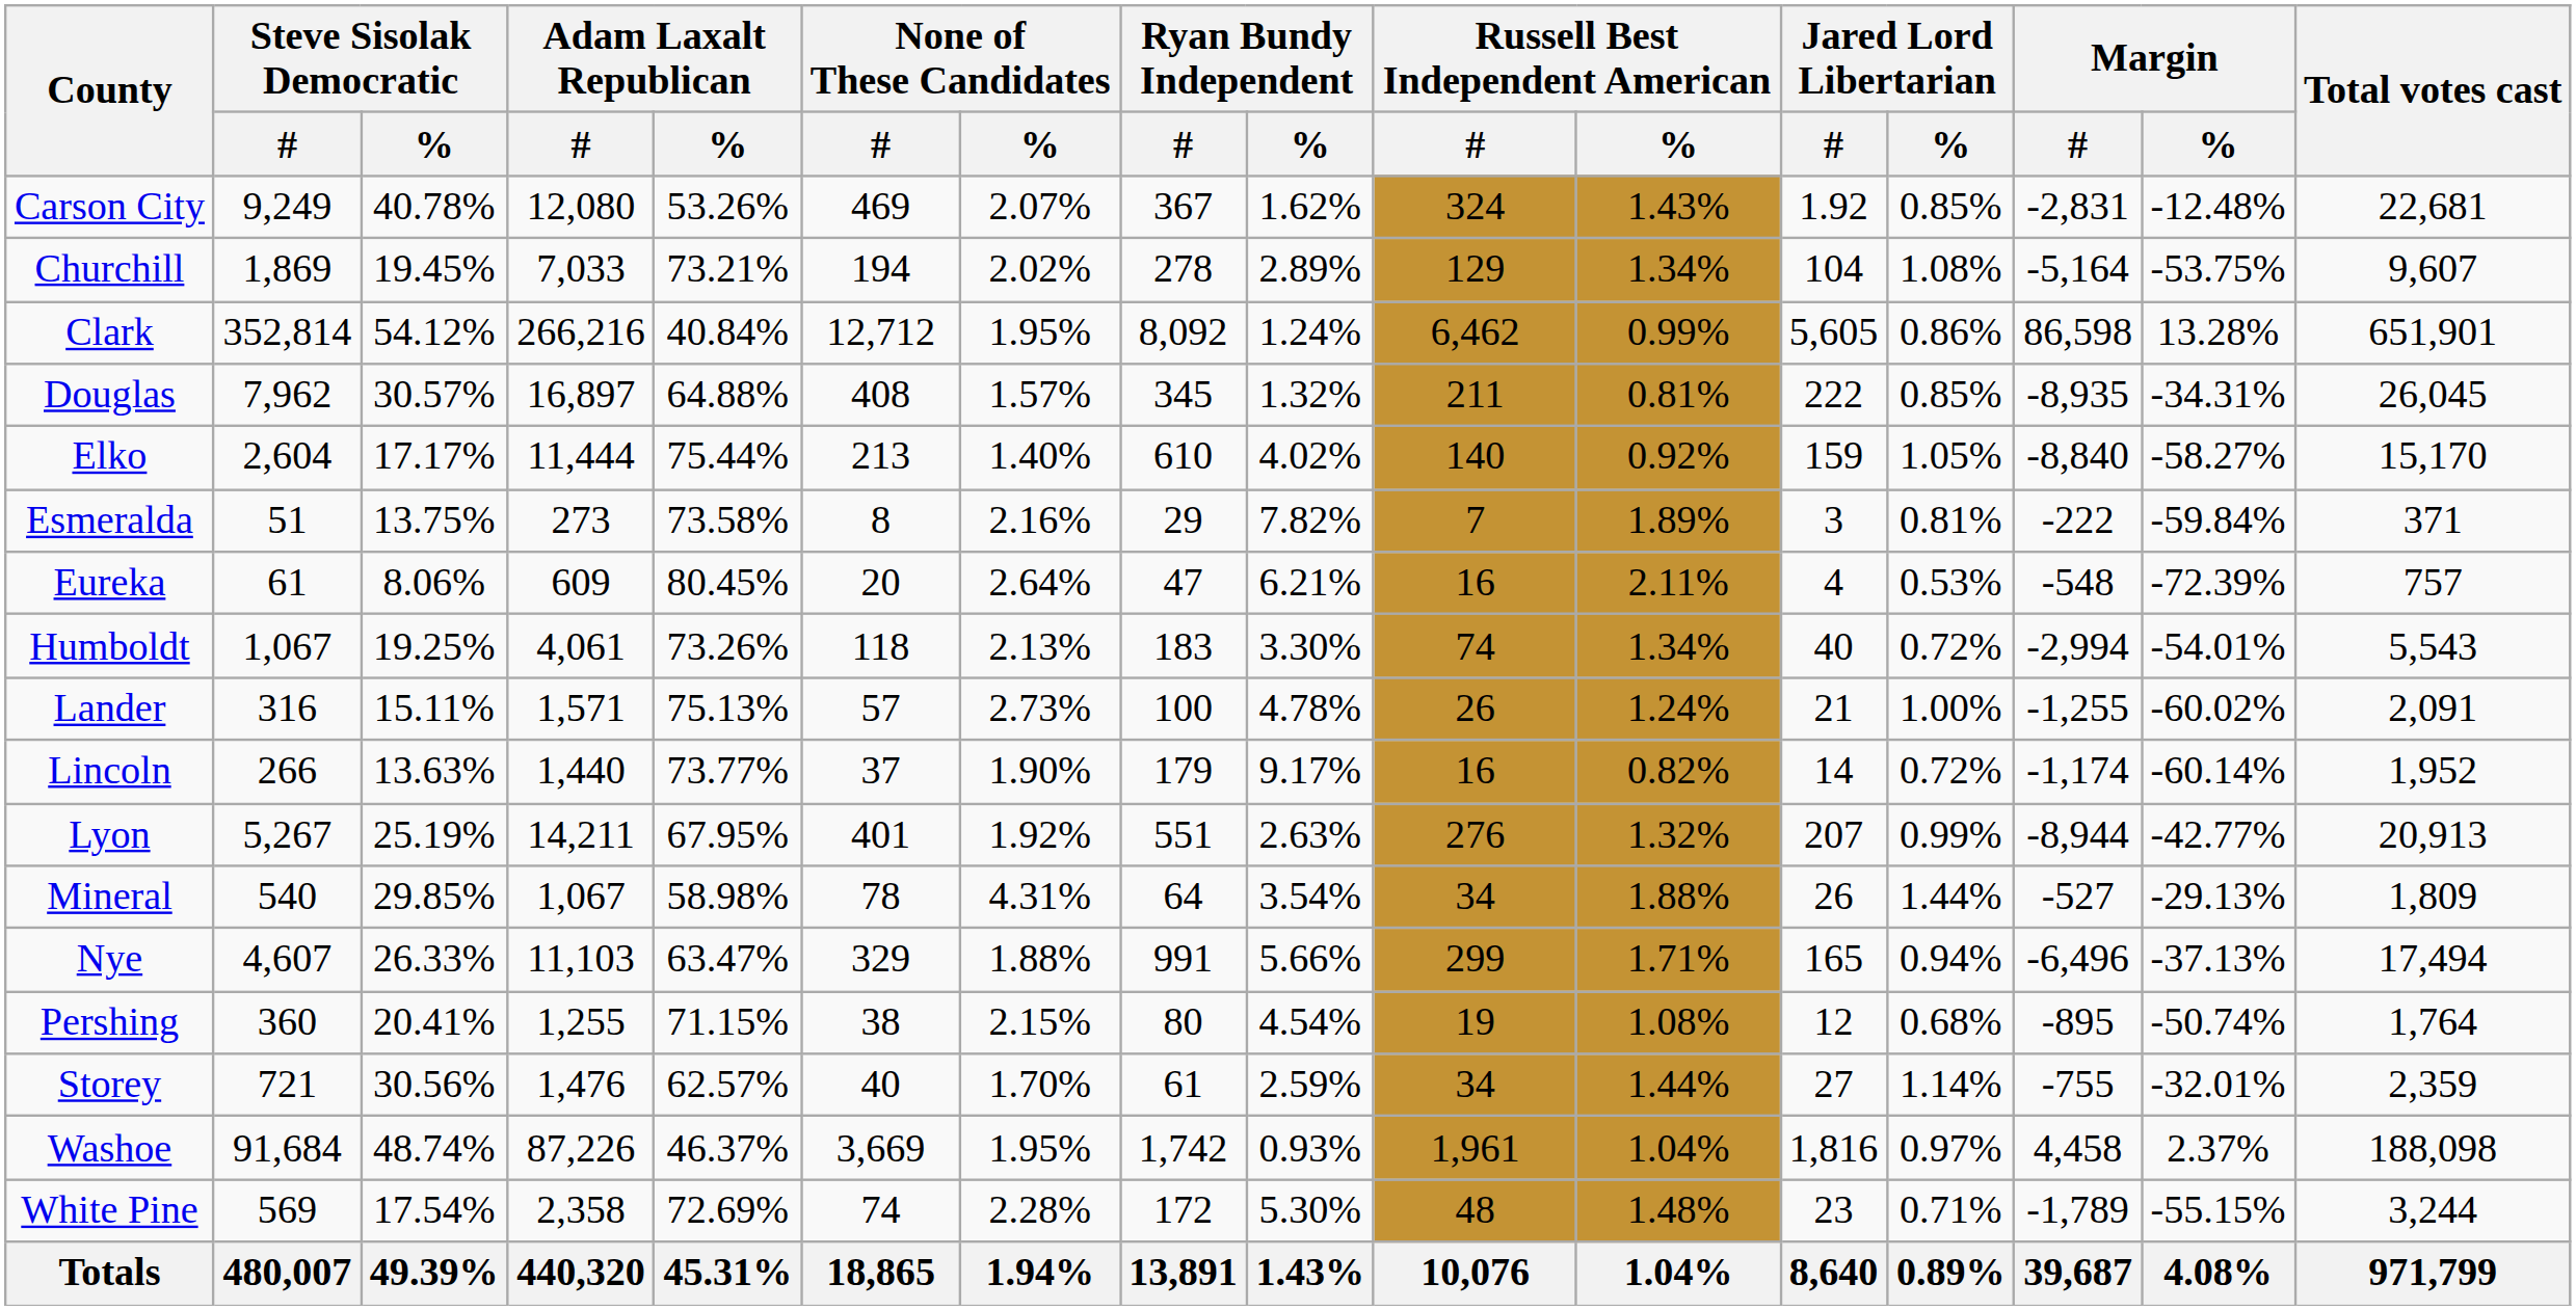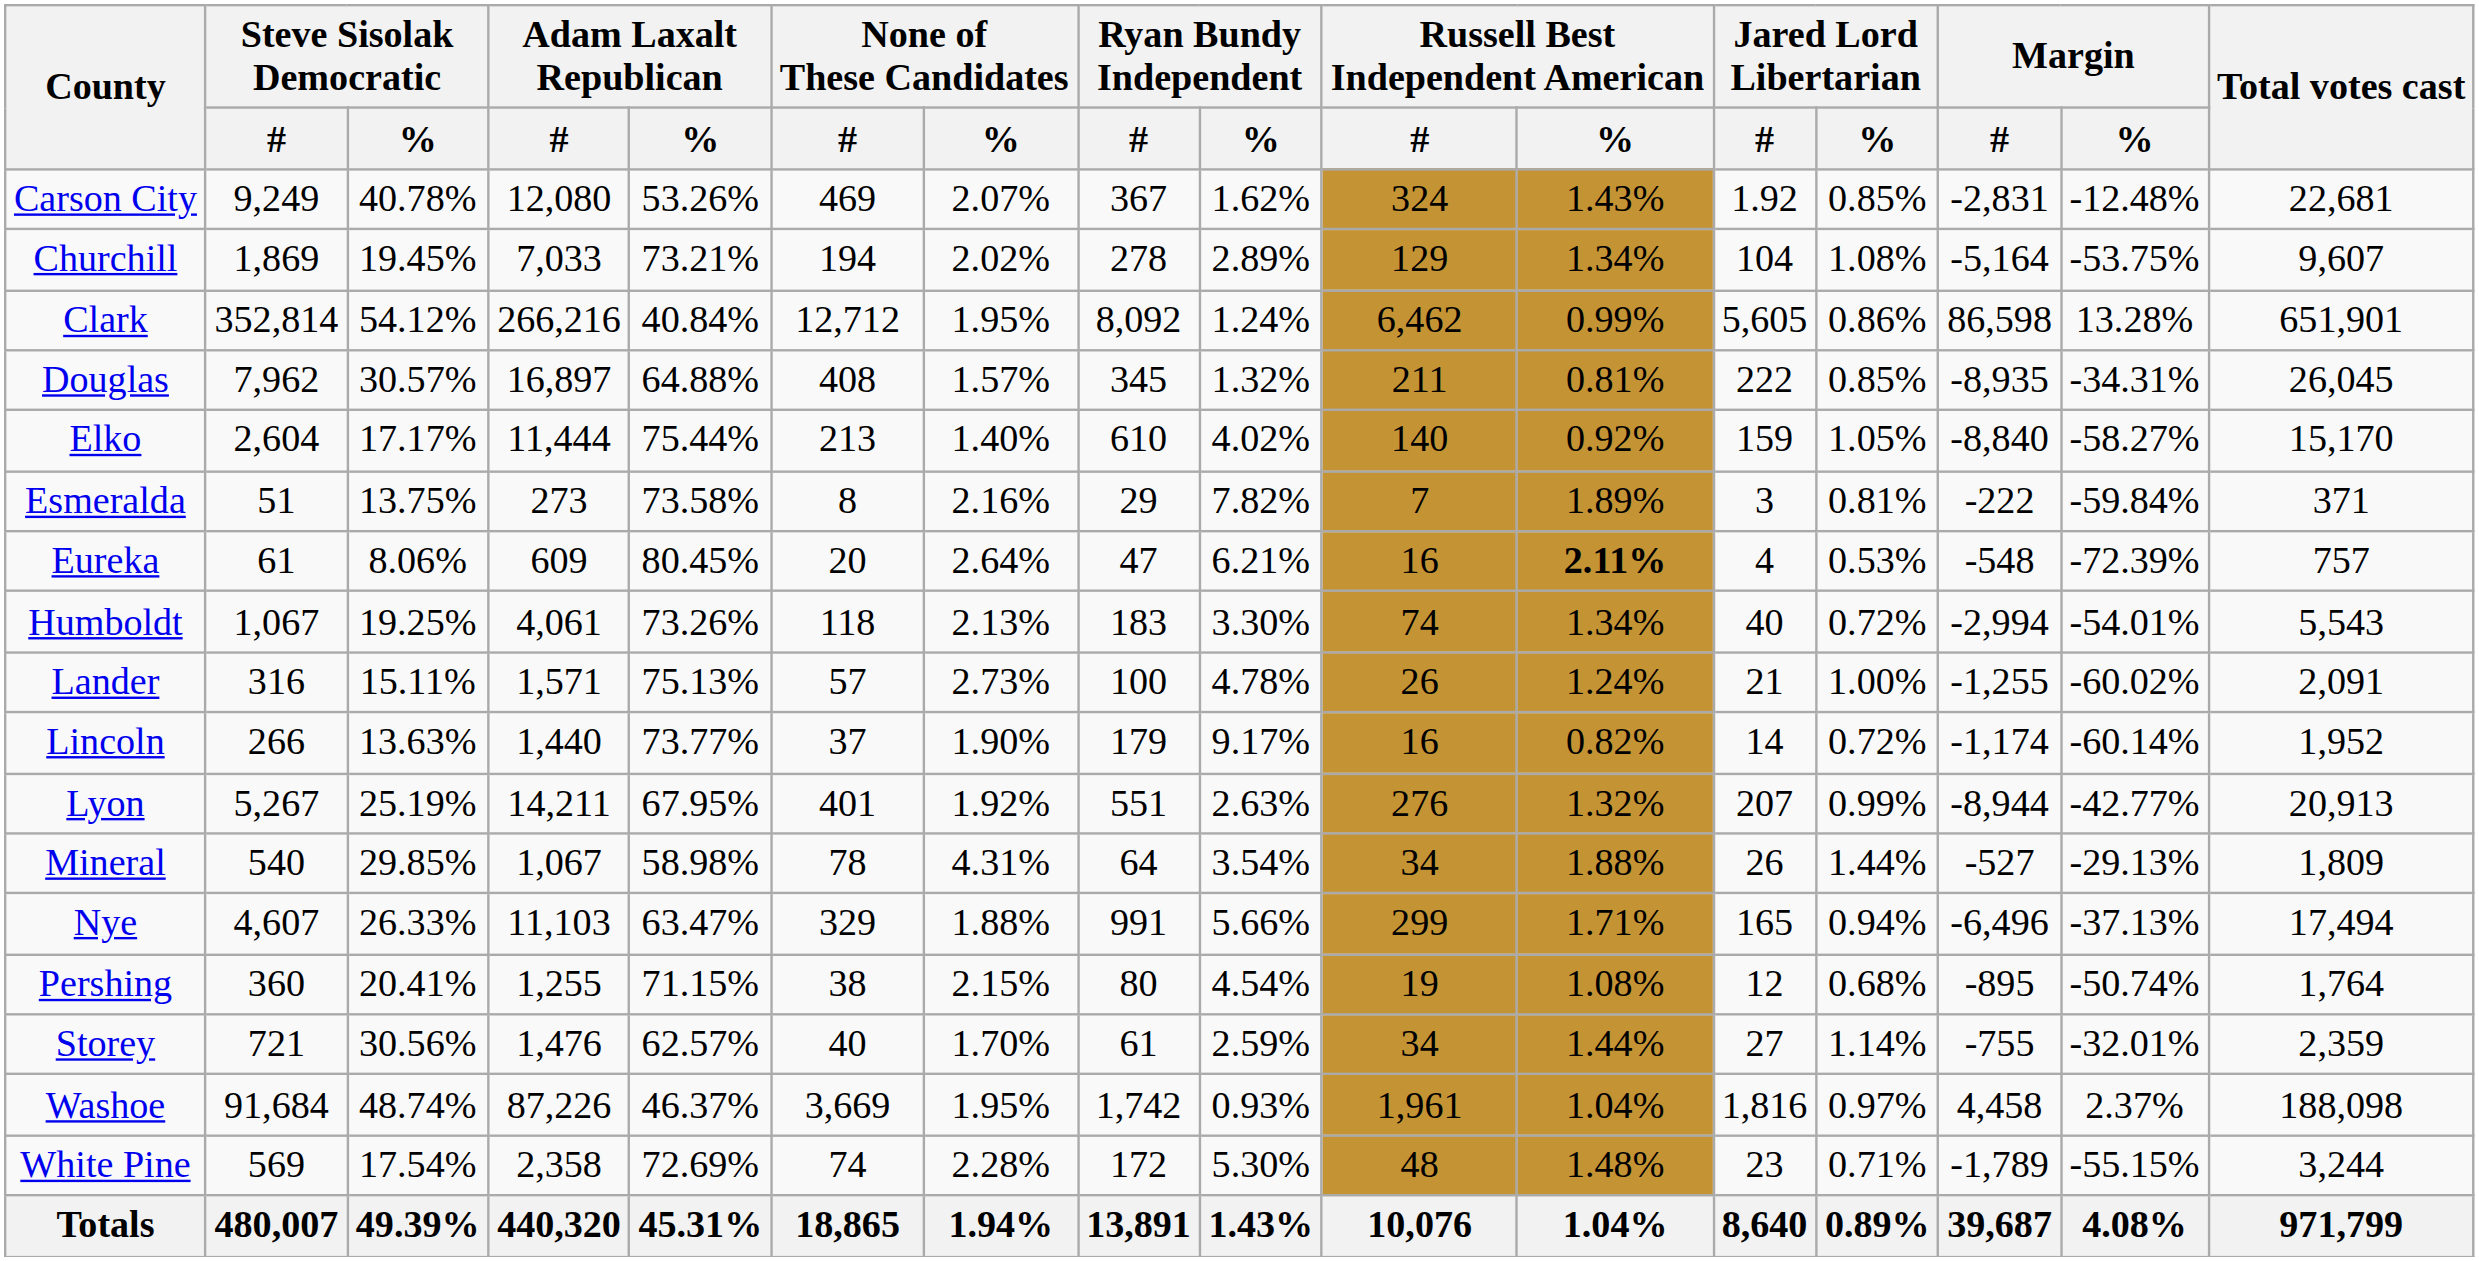 <table class="wikitable sortable" style="text-align:center">
 <tr>
 <th rowspan="2">County</th>
 <th style="text-align:center;" colspan="2">Steve Sisolak<br>Democratic</th>
 <th style="text-align:center;" colspan="2">Adam Laxalt<br>Republican</th>
 <th style="text-align:center;" colspan="2">None of<br>These Candidates</th>
 <th style="text-align:center;" colspan="2">Ryan Bundy<br>Independent</th>
 <th style="text-align:center;" colspan="2">Russell Best<br>Independent American</th>
 <th style="text-align:center;" colspan="2">Jared Lord<br>Libertarian</th>
 <th style="text-align:center;" colspan="2">Margin</th>
 <th style="text-align:center;" rowspan="2">Total votes cast</th>
 </tr>
 <tr>
 <th style="text-align:center;" data-sort-type="number">#</th>
 <th style="text-align:center;" data-sort-type="number">%</th>
 <th style="text-align:center;" data-sort-type="number">#</th>
 <th style="text-align:center;" data-sort-type="number">%</th>
 <th style="text-align:center;" data-sort-type="number">#</th>
 <th style="text-align:center;" data-sort-type="number">%</th>
 <th style="text-align:center;" data-sort-type="number">#</th>
 <th style="text-align:center;" data-sort-type="number">%</th>
 <th style="text-align:center;" data-sort-type="number">#</th>
 <th style="text-align:center;" data-sort-type="number">%</th>
 <th style="text-align:center;" data-sort-type="number">#</th>
 <th style="text-align:center;" data-sort-type="number">%</th>
 <th style="text-align:center;" data-sort-type="number">#</th>
 <th style="text-align:center;" data-sort-type="number">%</th>
 </tr>
 <tr style="text-align:center;">
 <td><a href='#'>Carson City</a></td>
 <td>9,249</td>
 <td>40.78%</td>
 <td>12,080</td>
 <td>53.26%</td>
 <td>469</td>
 <td>2.07%</td>
 <td>367</td>
 <td>1.62%</td>
 <td bgcolor="#c49334">324</td>
 <td bgcolor="#c49334">1.43%</td>
 <td>1.92</td>
 <td>0.85%</td>
 <td>-2,831</td>
 <td>-12.48%</td>
 <td>22,681</td>
 </tr>
 <tr style="text-align:center;">
 <td><a href='#'>Churchill</a></td>
 <td>1,869</td>
 <td>19.45%</td>
 <td>7,033</td>
 <td>73.21%</td>
 <td>194</td>
 <td>2.02%</td>
 <td>278</td>
 <td>2.89%</td>
 <td bgcolor="#c49334">129</td>
 <td bgcolor="#c49334">1.34%</td>
 <td>104</td>
 <td>1.08%</td>
 <td>-5,164</td>
 <td>-53.75%</td>
 <td>9,607</td>
 </tr>
 <tr style="text-align:center;">
 <td><a href='#'>Clark</a></td>
 <td>352,814</td>
 <td>54.12%</td>
 <td>266,216</td>
 <td>40.84%</td>
 <td>12,712</td>
 <td>1.95%</td>
 <td>8,092</td>
 <td>1.24%</td>
 <td bgcolor="#c49334">6,462</td>
 <td bgcolor="#c49334">0.99%</td>
 <td>5,605</td>
 <td>0.86%</td>
 <td>86,598</td>
 <td>13.28%</td>
 <td>651,901</td>
 </tr>
 <tr style="text-align:center;">
 <td><a href='#'>Douglas</a></td>
 <td>7,962</td>
 <td>30.57%</td>
 <td>16,897</td>
 <td>64.88%</td>
 <td>408</td>
 <td>1.57%</td>
 <td>345</td>
 <td>1.32%</td>
 <td bgcolor="#c49334">211</td>
 <td bgcolor="#c49334">0.81%</td>
 <td>222</td>
 <td>0.85%</td>
 <td>-8,935</td>
 <td>-34.31%</td>
 <td>26,045</td>
 </tr>
 <tr style="text-align:center;">
 <td><a href='#'>Elko</a></td>
 <td>2,604</td>
 <td>17.17%</td>
 <td>11,444</td>
 <td>75.44%</td>
 <td>213</td>
 <td>1.40%</td>
 <td>610</td>
 <td>4.02%</td>
 <td bgcolor="#c49334">140</td>
 <td bgcolor="#c49334">0.92%</td>
 <td>159</td>
 <td>1.05%</td>
 <td>-8,840</td>
 <td>-58.27%</td>
 <td>15,170</td>
 </tr>
 <tr style="text-align:center;">
 <td><a href='#'>Esmeralda</a></td>
 <td>51</td>
 <td>13.75%</td>
 <td>273</td>
 <td>73.58%</td>
 <td>8</td>
 <td>2.16%</td>
 <td>29</td>
 <td>7.82%</td>
 <td bgcolor="#c49334">7</td>
 <td bgcolor="#c49334">1.89%</td>
 <td>3</td>
 <td>0.81%</td>
 <td>-222</td>
 <td>-59.84%</td>
 <td>371</td>
 </tr>
 <tr style="text-align:center;">
 <td><a href='#'>Eureka</a></td>
 <td>61</td>
 <td>8.06%</td>
 <td>609</td>
 <td>80.45%</td>
 <td>20</td>
 <td>2.64%</td>
 <td>47</td>
 <td>6.21%</td>
 <td bgcolor="#c49334">16</td>
-<td bgcolor="#c49334">2.11%</td>
+<td bgcolor="#c49334"><strong>2.11%</strong></td>
 <td>4</td>
 <td>0.53%</td>
 <td>-548</td>
 <td>-72.39%</td>
 <td>757</td>
 </tr>
 <tr style="text-align:center;">
 <td><a href='#'>Humboldt</a></td>
 <td>1,067</td>
 <td>19.25%</td>
 <td>4,061</td>
 <td>73.26%</td>
 <td>118</td>
 <td>2.13%</td>
 <td>183</td>
 <td>3.30%</td>
 <td bgcolor="#c49334">74</td>
 <td bgcolor="#c49334">1.34%</td>
 <td>40</td>
 <td>0.72%</td>
 <td>-2,994</td>
 <td>-54.01%</td>
 <td>5,543</td>
 </tr>
 <tr style="text-align:center;">
 <td><a href='#'>Lander</a></td>
 <td>316</td>
 <td>15.11%</td>
 <td>1,571</td>
 <td>75.13%</td>
 <td>57</td>
 <td>2.73%</td>
 <td>100</td>
 <td>4.78%</td>
 <td bgcolor="#c49334">26</td>
 <td bgcolor="#c49334">1.24%</td>
 <td>21</td>
 <td>1.00%</td>
 <td>-1,255</td>
 <td>-60.02%</td>
 <td>2,091</td>
 </tr>
 <tr style="text-align:center;">
 <td><a href='#'>Lincoln</a></td>
 <td>266</td>
 <td>13.63%</td>
 <td>1,440</td>
 <td>73.77%</td>
 <td>37</td>
 <td>1.90%</td>
 <td>179</td>
 <td>9.17%</td>
 <td bgcolor="#c49334">16</td>
 <td bgcolor="#c49334">0.82%</td>
 <td>14</td>
 <td>0.72%</td>
 <td>-1,174</td>
 <td>-60.14%</td>
 <td>1,952</td>
 </tr>
 <tr style="text-align:center;">
 <td><a href='#'>Lyon</a></td>
 <td>5,267</td>
 <td>25.19%</td>
 <td>14,211</td>
 <td>67.95%</td>
 <td>401</td>
 <td>1.92%</td>
 <td>551</td>
 <td>2.63%</td>
 <td bgcolor="#c49334">276</td>
 <td bgcolor="#c49334">1.32%</td>
 <td>207</td>
 <td>0.99%</td>
 <td>-8,944</td>
 <td>-42.77%</td>
 <td>20,913</td>
 </tr>
 <tr style="text-align:center;">
 <td><a href='#'>Mineral</a></td>
 <td>540</td>
 <td>29.85%</td>
 <td>1,067</td>
 <td>58.98%</td>
 <td>78</td>
 <td>4.31%</td>
 <td>64</td>
 <td>3.54%</td>
 <td bgcolor="#c49334">34</td>
 <td bgcolor="#c49334">1.88%</td>
 <td>26</td>
 <td>1.44%</td>
 <td>-527</td>
 <td>-29.13%</td>
 <td>1,809</td>
 </tr>
 <tr style="text-align:center;">
 <td><a href='#'>Nye</a></td>
 <td>4,607</td>
 <td>26.33%</td>
 <td>11,103</td>
 <td>63.47%</td>
 <td>329</td>
 <td>1.88%</td>
 <td>991</td>
 <td>5.66%</td>
 <td bgcolor="#c49334">299</td>
 <td bgcolor="#c49334">1.71%</td>
 <td>165</td>
 <td>0.94%</td>
 <td>-6,496</td>
 <td>-37.13%</td>
 <td>17,494</td>
 </tr>
 <tr style="text-align:center;">
 <td><a href='#'>Pershing</a></td>
 <td>360</td>
 <td>20.41%</td>
 <td>1,255</td>
 <td>71.15%</td>
 <td>38</td>
 <td>2.15%</td>
 <td>80</td>
 <td>4.54%</td>
 <td bgcolor="#c49334">19</td>
 <td bgcolor="#c49334">1.08%</td>
 <td>12</td>
 <td>0.68%</td>
 <td>-895</td>
 <td>-50.74%</td>
 <td>1,764</td>
 </tr>
 <tr style="text-align:center;">
 <td><a href='#'>Storey</a></td>
 <td>721</td>
 <td>30.56%</td>
 <td>1,476</td>
 <td>62.57%</td>
 <td>40</td>
 <td>1.70%</td>
 <td>61</td>
 <td>2.59%</td>
 <td bgcolor="#c49334">34</td>
 <td bgcolor="#c49334">1.44%</td>
 <td>27</td>
 <td>1.14%</td>
 <td>-755</td>
 <td>-32.01%</td>
 <td>2,359</td>
 </tr>
 <tr style="text-align:center;">
 <td><a href='#'>Washoe</a></td>
 <td>91,684</td>
 <td>48.74%</td>
 <td>87,226</td>
 <td>46.37%</td>
 <td>3,669</td>
 <td>1.95%</td>
 <td>1,742</td>
 <td>0.93%</td>
 <td bgcolor="#c49334">1,961</td>
 <td bgcolor="#c49334">1.04%</td>
 <td>1,816</td>
 <td>0.97%</td>
 <td>4,458</td>
 <td>2.37%</td>
 <td>188,098</td>
 </tr>
 <tr style="text-align:center;">
 <td><a href='#'>White Pine</a></td>
 <td>569</td>
 <td>17.54%</td>
 <td>2,358</td>
 <td>72.69%</td>
 <td>74</td>
 <td>2.28%</td>
 <td>172</td>
 <td>5.30%</td>
 <td bgcolor="#c49334">48</td>
 <td bgcolor="#c49334">1.48%</td>
 <td>23</td>
 <td>0.71%</td>
 <td>-1,789</td>
 <td>-55.15%</td>
 <td>3,244</td>
 </tr>
 <tr style="text-align:center;">
 <th>Totals</th>
 <th>480,007</th>
 <th>49.39%</th>
 <th>440,320</th>
 <th>45.31%</th>
 <th>18,865</th>
 <th>1.94%</th>
 <th>13,891</th>
 <th>1.43%</th>
 <th>10,076</th>
 <th>1.04%</th>
 <th>8,640</th>
 <th>0.89%</th>
 <th>39,687</th>
 <th>4.08%</th>
 <th>971,799</th>
 </tr>
 </table>
